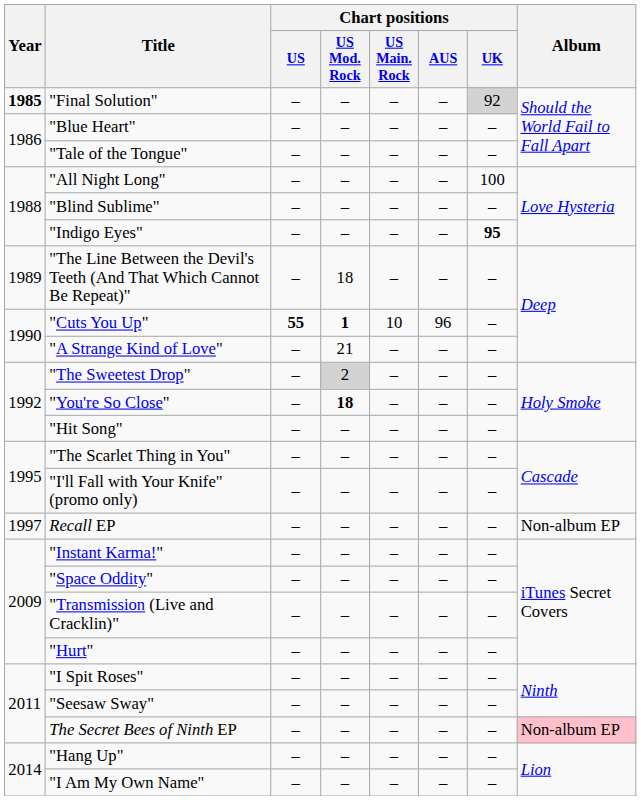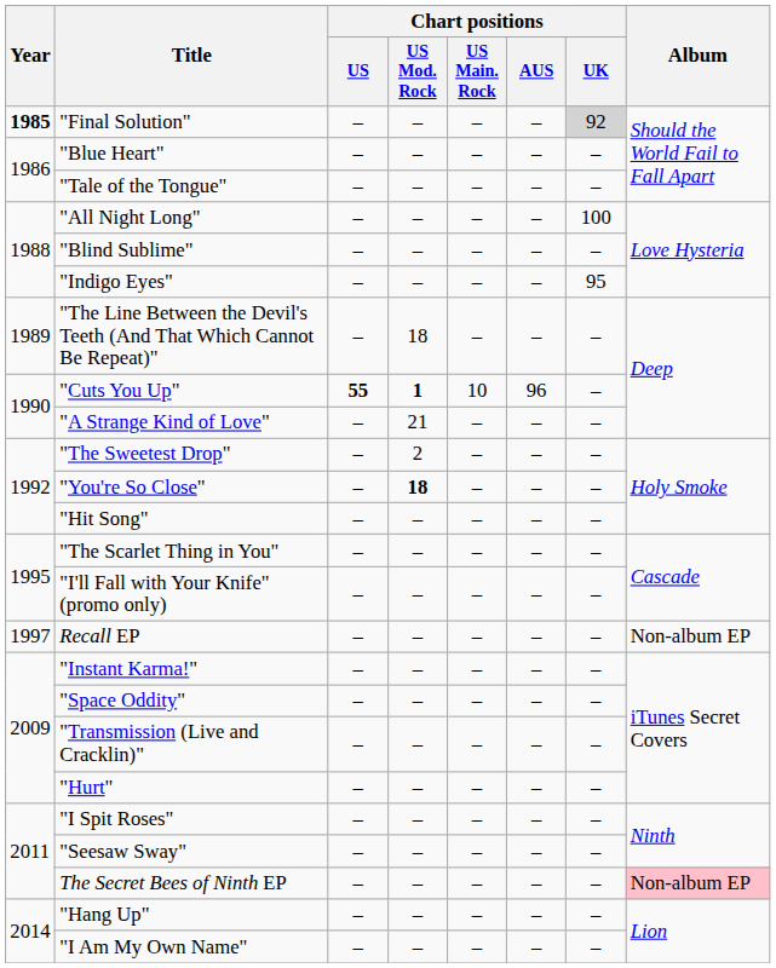 <table class="wikitable">
 <tr>
 <th rowspan="2">Year</th>
 <th rowspan="2">Title</th>
 <th colspan="5">Chart positions</th>
 <th rowspan="2">Album</th>
 </tr>
 <tr>
 <th scope="col" style="width:3em; font-size:85%"><a href='#'>US</a></th>
 <th scope="col" style="width:3em; font-size:85%"><a href='#'>US<br>Mod. Rock</a></th>
 <th scope="col" style="width:3em; font-size:85%"><a href='#'>US<br>Main. Rock</a></th>
 <th scope="col" style="width:3em; font-size:85%"><a href='#'>AUS</a><br></th>
 <th scope="col" style="width:3em; font-size:85%"><a href='#'>UK</a></th>
 </tr>
 <tr>
 <td><strong>1985</strong></td>
 <td>"Final Solution"</td>
 <td style="text-align:center;">–</td>
 <td style="text-align:center;">–</td>
 <td style="text-align:center;">–</td>
 <td style="text-align:center;">–</td>
 <td style="background: lightgrey; text-align:center;">92</td>
 <td rowspan="3"><em><a href='#'>Should the World Fail to Fall Apart</a></em></td>
 </tr>
 <tr>
 <td rowspan="2">1986</td>
 <td>"Blue Heart"</td>
 <td style="text-align:center;">–</td>
 <td style="text-align:center;">–</td>
 <td style="text-align:center;">–</td>
 <td style="text-align:center;">–</td>
 <td style="text-align:center;">–</td>
 </tr>
 <tr>
 <td>"Tale of the Tongue"</td>
 <td style="text-align:center;">–</td>
 <td style="text-align:center;">–</td>
 <td style="text-align:center;">–</td>
 <td style="text-align:center;">–</td>
 <td style="text-align:center;">–</td>
 </tr>
 <tr>
 <td rowspan="3">1988</td>
 <td>"All Night Long"</td>
 <td style="text-align:center;">–</td>
 <td style="text-align:center;">–</td>
 <td style="text-align:center;">–</td>
 <td style="text-align:center;">–</td>
 <td style="text-align:center;">100</td>
 <td rowspan="3"><em><a href='#'>Love Hysteria</a></em></td>
 </tr>
 <tr>
 <td>"Blind Sublime"</td>
 <td style="text-align:center;">–</td>
 <td style="text-align:center;">–</td>
 <td style="text-align:center;">–</td>
 <td style="text-align:center;">–</td>
 <td style="text-align:center;">–</td>
 </tr>
 <tr>
 <td>"Indigo Eyes"</td>
 <td style="text-align:center;">–</td>
 <td style="text-align:center;">–</td>
 <td style="text-align:center;">–</td>
 <td style="text-align:center;">–</td>
-<td style="text-align:center;"><strong>95</strong></td>
+<td style="text-align:center;">95</td>
 </tr>
 <tr>
 <td>1989</td>
 <td>"The Line Between the Devil's Teeth (And That Which Cannot Be Repeat)"</td>
 <td style="text-align:center;">–</td>
 <td style="text-align:center;">18</td>
 <td style="text-align:center;">–</td>
 <td style="text-align:center;">–</td>
 <td style="text-align:center;">–</td>
 <td Rowspan="3"><em><a href='#'>Deep</a></em></td>
 </tr>
 <tr>
 <td rowspan="2">1990</td>
 <td>"<a href='#'>Cuts You Up</a>"</td>
 <td style="text-align:center;"><strong>55</strong></td>
 <td style="text-align:center;"><strong>1</strong></td>
 <td style="text-align:center;">10</td>
 <td style="text-align:center;">96</td>
 <td style="text-align:center;">–</td>
 </tr>
 <tr>
 <td>"<a href='#'>A Strange Kind of Love</a>"</td>
 <td style="text-align:center;">–</td>
 <td style="text-align:center;">21</td>
 <td style="text-align:center;">–</td>
 <td style="text-align:center;">–</td>
 <td style="text-align:center;">–</td>
 </tr>
 <tr>
 <td rowspan="3">1992</td>
 <td>"<a href='#'>The Sweetest Drop</a>"</td>
 <td style="text-align:center;">–</td>
-<td style="background: lightgrey; text-align:center;">2</td>
+<td style="text-align:center;">2</td>
 <td style="text-align:center;">–</td>
 <td style="text-align:center;">–</td>
 <td style="text-align:center;">–</td>
 <td Rowspan="3"><em><a href='#'>Holy Smoke</a></em></td>
 </tr>
 <tr>
 <td>"<a href='#'>You're So Close</a>"</td>
 <td style="text-align:center;">–</td>
 <td style="text-align:center;"><strong>18</strong></td>
 <td style="text-align:center;">–</td>
 <td style="text-align:center;">–</td>
 <td style="text-align:center;">–</td>
 </tr>
 <tr>
 <td>"Hit Song"</td>
 <td style="text-align:center;">–</td>
 <td style="text-align:center;">–</td>
 <td style="text-align:center;">–</td>
 <td style="text-align:center;">–</td>
 <td style="text-align:center;">–</td>
 </tr>
 <tr>
 <td rowspan="2">1995</td>
 <td>"The Scarlet Thing in You"</td>
 <td style="text-align:center;">–</td>
 <td style="text-align:center;">–</td>
 <td style="text-align:center;">–</td>
 <td style="text-align:center;">–</td>
 <td style="text-align:center;">–</td>
 <td Rowspan="2"><em><a href='#'>Cascade</a></em></td>
 </tr>
 <tr>
 <td>"I'll Fall with Your Knife" (promo only)</td>
 <td style="text-align:center;">–</td>
 <td style="text-align:center;">–</td>
 <td style="text-align:center;">–</td>
 <td style="text-align:center;">–</td>
 <td style="text-align:center;">–</td>
 </tr>
 <tr>
 <td>1997</td>
 <td><em>Recall</em> EP</td>
 <td style="text-align:center;">–</td>
 <td style="text-align:center;">–</td>
 <td style="text-align:center;">–</td>
 <td style="text-align:center;">–</td>
 <td style="text-align:center;">–</td>
 <td>Non-album EP</td>
 </tr>
 <tr>
 <td rowspan="4">2009</td>
 <td>"<a href='#'>Instant Karma!</a>"</td>
 <td style="text-align:center;">–</td>
 <td style="text-align:center;">–</td>
 <td style="text-align:center;">–</td>
 <td style="text-align:center;">–</td>
 <td style="text-align:center;">–</td>
 <td rowspan="4"><a href='#'>iTunes</a> Secret Covers</td>
 </tr>
 <tr>
 <td>"<a href='#'>Space Oddity</a>"</td>
 <td style="text-align:center;">–</td>
 <td style="text-align:center;">–</td>
 <td style="text-align:center;">–</td>
 <td style="text-align:center;">–</td>
 <td style="text-align:center;">–</td>
 </tr>
 <tr>
 <td>"<a href='#'>Transmission</a> (Live and Cracklin)"</td>
 <td style="text-align:center;">–</td>
 <td style="text-align:center;">–</td>
 <td style="text-align:center;">–</td>
 <td style="text-align:center;">–</td>
 <td style="text-align:center;">–</td>
 </tr>
 <tr>
 <td>"<a href='#'>Hurt</a>"</td>
 <td style="text-align:center;">–</td>
 <td style="text-align:center;">–</td>
 <td style="text-align:center;">–</td>
 <td style="text-align:center;">–</td>
 <td style="text-align:center;">–</td>
 </tr>
 <tr>
 <td rowspan="3">2011</td>
 <td>"I Spit Roses"</td>
 <td style="text-align:center;">–</td>
 <td style="text-align:center;">–</td>
 <td style="text-align:center;">–</td>
 <td style="text-align:center;">–</td>
 <td style="text-align:center;">–</td>
 <td rowspan="2"><em><a href='#'>Ninth</a></em></td>
 </tr>
 <tr>
 <td>"Seesaw Sway"</td>
 <td style="text-align:center;">–</td>
 <td style="text-align:center;">–</td>
 <td style="text-align:center;">–</td>
 <td style="text-align:center;">–</td>
 <td style="text-align:center;">–</td>
 </tr>
 <tr>
 <td><em>The Secret Bees of Ninth</em> EP</td>
 <td style="text-align:center;">–</td>
 <td style="text-align:center;">–</td>
 <td style="text-align:center;">–</td>
 <td style="text-align:center;">–</td>
 <td style="text-align:center;">–</td>
 <td style="background: pink;">Non-album EP</td>
 </tr>
 <tr>
 <td rowspan="2">2014</td>
 <td>"Hang Up"</td>
 <td style="text-align:center;">–</td>
 <td style="text-align:center;">–</td>
 <td style="text-align:center;">–</td>
 <td style="text-align:center;">–</td>
 <td style="text-align:center;">–</td>
 <td rowspan="2"><em><a href='#'>Lion</a></em></td>
 </tr>
 <tr>
 <td>"I Am My Own Name"</td>
 <td style="text-align:center;">–</td>
 <td style="text-align:center;">–</td>
 <td style="text-align:center;">–</td>
 <td style="text-align:center;">–</td>
 <td style="text-align:center;">–</td>
 </tr>
 </table>
